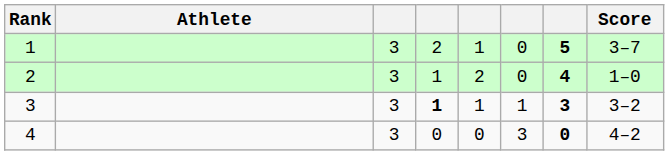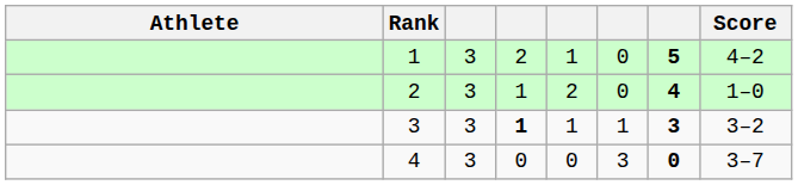 <table class="wikitable" style="text-align: center;">
 <tr>
+<th width=225>Athlete</th>
 <th width=25>Rank</th>
-<th width=225>Athlete</th>
 <th width=25></th>
 <th width=25></th>
 <th width=25></th>
 <th width=25></th>
 <th width=25></th>
 <th width=50>Score</th>
 </tr>
 <tr bgcolor=ccffcc>
+<td align=left></td>
 <td>1</td>
-<td align=left></td>
 <td>3</td>
 <td>2</td>
 <td>1</td>
 <td>0</td>
 <td><strong>5</strong></td>
-<td>3–7</td>
+<td>4–2</td>
 </tr>
 <tr bgcolor=ccffcc>
+<td align=left></td>
 <td>2</td>
-<td align=left></td>
 <td>3</td>
 <td>1</td>
 <td>2</td>
 <td>0</td>
 <td><strong>4</strong></td>
 <td>1–0</td>
 </tr>
 <tr>
+<td align=left></td>
 <td>3</td>
-<td align=left></td>
 <td>3</td>
 <td><strong>1</strong></td>
 <td>1</td>
 <td>1</td>
 <td><strong>3</strong></td>
 <td>3–2</td>
 </tr>
 <tr>
+<td align=left></td>
 <td>4</td>
-<td align=left></td>
 <td>3</td>
 <td>0</td>
 <td>0</td>
 <td>3</td>
 <td><strong>0</strong></td>
-<td>4–2</td>
+<td>3–7</td>
 </tr>
 </table>
